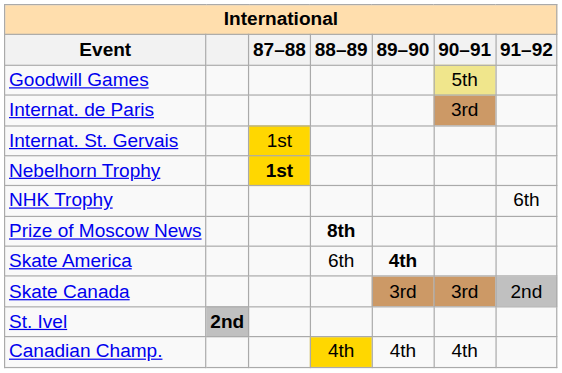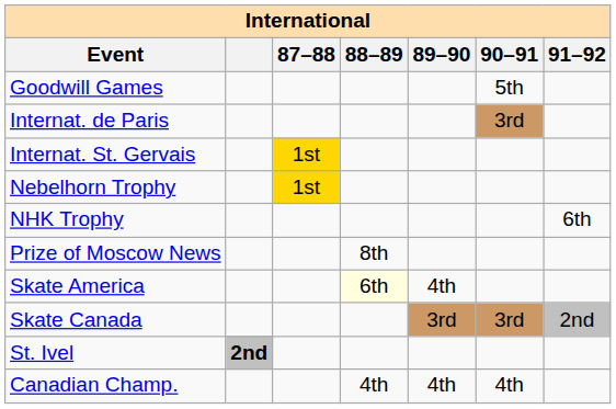 <table class="wikitable" style="text-align:center">
 <tr>
 <th style="background-color: #ffdead; " colspan=7 align=center>International</th>
 </tr>
 <tr>
 <th>Event</th>
 <th></th>
 <th>87–88</th>
 <th>88–89</th>
 <th>89–90</th>
 <th>90–91</th>
 <th>91–92</th>
 </tr>
 <tr>
 <td align=left><a href='#'>Goodwill Games</a></td>
 <td></td>
 <td></td>
 <td></td>
 <td></td>
-<td style="background: khaki;">5th</td>
+<td>5th</td>
 <td></td>
 </tr>
 <tr>
 <td align=left><a href='#'>Internat. de Paris</a></td>
 <td></td>
 <td></td>
 <td></td>
 <td></td>
 <td bgcolor=cc9966>3rd</td>
 <td></td>
 </tr>
 <tr>
 <td align=left><a href='#'>Internat. St. Gervais</a></td>
 <td></td>
 <td bgcolor=gold>1st</td>
 <td></td>
 <td></td>
 <td></td>
 <td></td>
 </tr>
 <tr>
 <td align=left><a href='#'>Nebelhorn Trophy</a></td>
 <td></td>
-<td bgcolor=gold><strong>1st</strong></td>
+<td bgcolor=gold>1st</td>
 <td></td>
 <td></td>
 <td></td>
 <td></td>
 </tr>
 <tr>
 <td align=left><a href='#'>NHK Trophy</a></td>
 <td></td>
 <td></td>
 <td></td>
 <td></td>
 <td></td>
 <td>6th</td>
 </tr>
 <tr>
 <td align=left><a href='#'>Prize of Moscow News</a></td>
 <td></td>
 <td></td>
-<td><strong>8th</strong></td>
+<td>8th</td>
 <td></td>
 <td></td>
 <td></td>
 </tr>
 <tr>
 <td align=left><a href='#'>Skate America</a></td>
 <td></td>
 <td></td>
-<td>6th</td>
-<td><strong>4th</strong></td>
+<td style="background: lightyellow;">6th</td>
+<td>4th</td>
 <td></td>
 <td></td>
 </tr>
 <tr>
 <td align=left><a href='#'>Skate Canada</a></td>
 <td></td>
 <td></td>
 <td></td>
 <td bgcolor=cc9966>3rd</td>
 <td bgcolor=cc9966>3rd</td>
 <td bgcolor=silver>2nd</td>
 </tr>
 <tr>
 <td align=left><a href='#'>St. Ivel</a></td>
 <td bgcolor=silver><strong>2nd</strong></td>
 <td></td>
 <td></td>
 <td></td>
 <td></td>
 <td></td>
 </tr>
 <tr>
 <td align=left><a href='#'>Canadian Champ.</a></td>
 <td></td>
 <td></td>
-<td style="background: gold;">4th</td>
+<td>4th</td>
 <td>4th</td>
 <td>4th</td>
 <td></td>
 </tr>
 </table>
